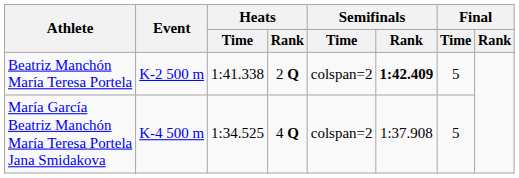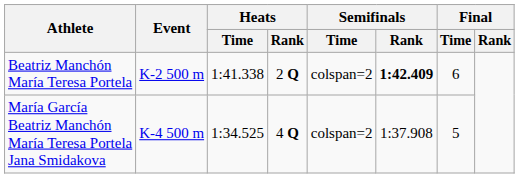 <table class="wikitable" style="font-size:90%">
 <tr>
 <th rowspan=2>Athlete</th>
 <th rowspan=2>Event</th>
 <th colspan=2>Heats</th>
 <th colspan=2>Semifinals</th>
 <th colspan=2>Final</th>
 </tr>
 <tr style="font-size:95%">
 <th>Time</th>
 <th>Rank</th>
 <th>Time</th>
 <th>Rank</th>
 <th>Time</th>
 <th>Rank</th>
 </tr>
 <tr align=center>
 <td align=left><a href='#'>Beatriz Manchón</a><br><a href='#'>María Teresa Portela</a></td>
 <td align=left><a href='#'>K-2 500 m</a></td>
 <td>1:41.338</td>
 <td>2 <strong>Q</strong></td>
 <td>colspan=2 </td>
 <td><strong>1:42.409</strong></td>
-<td>5</td>
+<td>6</td>
 </tr>
 <tr align=center>
 <td align=left><a href='#'>María García</a><br><a href='#'>Beatriz Manchón</a><br><a href='#'>María Teresa Portela</a><br><a href='#'>Jana Smidakova</a></td>
 <td align=left><a href='#'>K-4 500 m</a></td>
 <td>1:34.525</td>
 <td>4 <strong>Q</strong></td>
 <td>colspan=2 </td>
 <td>1:37.908</td>
 <td>5</td>
 </tr>
 </table>
